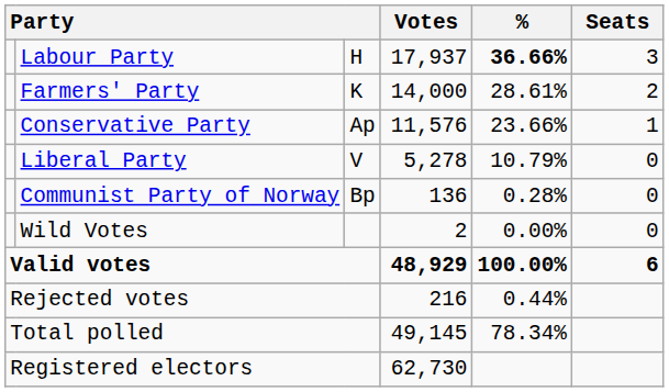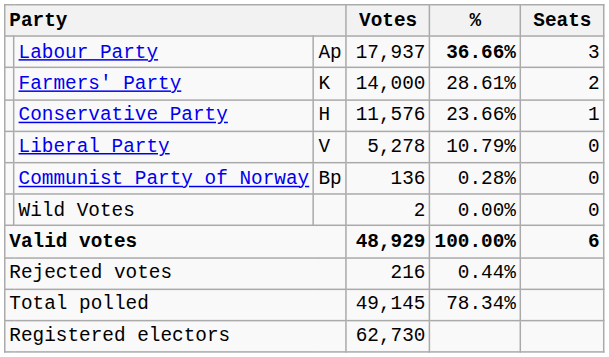 <table class="wikitable" border="1" style="text-align:right;">
 <tr>
 <th style="text-align:left;" colspan=3>Party</th>
 <th align=center width="50">Votes</th>
 <th align=center width="50">%</th>
 <th align=center width="50">Seats</th>
 </tr>
 <tr>
 <td style="color:inherit;background:"></td>
 <td align=left><a href='#'>Labour Party</a></td>
-<td align=left>H</td>
+<td align=left>Ap</td>
 <td>17,937</td>
 <td><strong>36.66%</strong></td>
 <td>3</td>
 </tr>
 <tr>
 <td style="color:inherit;background:"></td>
 <td align=left><a href='#'>Farmers' Party</a></td>
 <td align=left>K</td>
 <td>14,000</td>
 <td>28.61%</td>
 <td>2</td>
 </tr>
 <tr>
 <td></td>
 <td align=left><a href='#'>Conservative Party</a></td>
-<td align=left>Ap</td>
+<td align=left>H</td>
 <td>11,576</td>
 <td>23.66%</td>
 <td>1</td>
 </tr>
 <tr>
 <td style="color:inherit;background:"></td>
 <td align=left><a href='#'>Liberal Party</a></td>
 <td align=left>V</td>
 <td>5,278</td>
 <td>10.79%</td>
 <td>0</td>
 </tr>
 <tr>
 <td style="color:inherit;background:"></td>
 <td align=left><a href='#'>Communist Party of Norway</a></td>
 <td align=left>Bp</td>
 <td>136</td>
 <td>0.28%</td>
 <td>0</td>
 </tr>
 <tr>
 <td></td>
 <td align=left>Wild Votes</td>
 <td align=left></td>
 <td>2</td>
 <td>0.00%</td>
 <td>0</td>
 </tr>
 <tr style="font-weight:bold">
 <td align=left colspan=3>Valid votes</td>
 <td>48,929</td>
 <td>100.00%</td>
 <td>6</td>
 </tr>
 <tr>
 <td align=left colspan=3>Rejected votes</td>
 <td>216</td>
 <td>0.44%</td>
 <td></td>
 </tr>
 <tr>
 <td align=left colspan=3>Total polled</td>
 <td>49,145</td>
 <td>78.34%</td>
 <td></td>
 </tr>
 <tr>
 <td align=left colspan=3>Registered electors</td>
 <td>62,730</td>
 <td></td>
 <td></td>
 </tr>
 </table>
